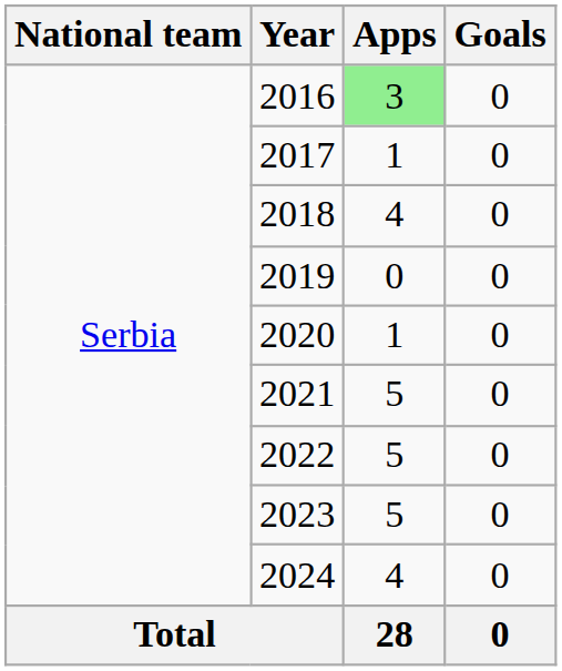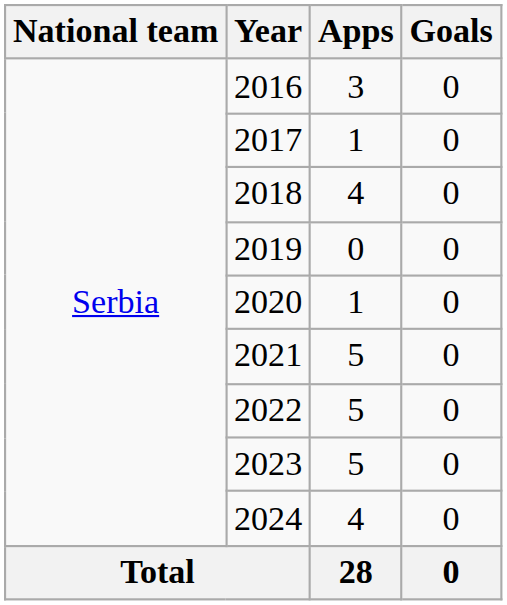 <table class="wikitable" style="text-align:center">
 <tr>
 <th>National team</th>
 <th>Year</th>
 <th>Apps</th>
 <th>Goals</th>
 </tr>
 <tr>
 <td rowspan="9"><a href='#'>Serbia</a></td>
 <td>2016</td>
-<td style="background: lightgreen;">3</td>
+<td>3</td>
 <td>0</td>
 </tr>
 <tr>
 <td>2017</td>
 <td>1</td>
 <td>0</td>
 </tr>
 <tr>
 <td>2018</td>
 <td>4</td>
 <td>0</td>
 </tr>
 <tr>
 <td>2019</td>
 <td>0</td>
 <td>0</td>
 </tr>
 <tr>
 <td>2020</td>
 <td>1</td>
 <td>0</td>
 </tr>
 <tr>
 <td>2021</td>
 <td>5</td>
 <td>0</td>
 </tr>
 <tr>
 <td>2022</td>
 <td>5</td>
 <td>0</td>
 </tr>
 <tr>
 <td>2023</td>
 <td>5</td>
 <td>0</td>
 </tr>
 <tr>
 <td>2024</td>
 <td>4</td>
 <td>0</td>
 </tr>
 <tr>
 <th colspan="2">Total</th>
 <th>28</th>
 <th>0</th>
 </tr>
 </table>
